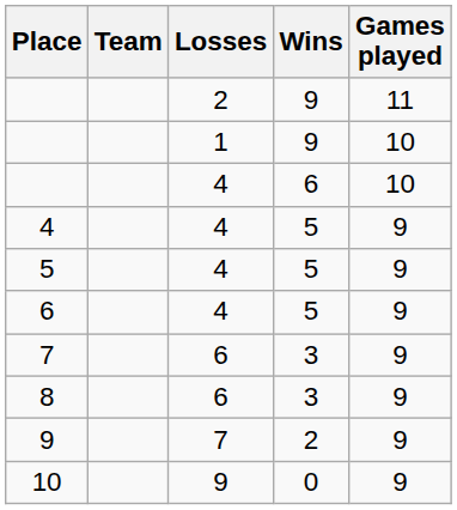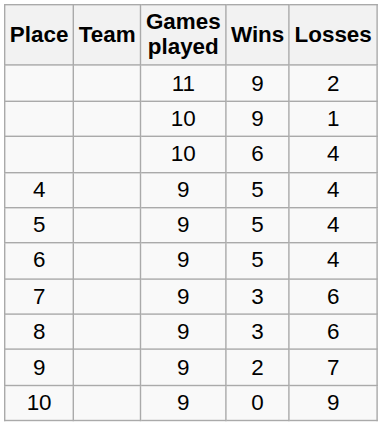 <table class="wikitable" style="text-align:center;">
 <tr>
 <th>Place</th>
 <th>Team</th>
+<th>Games<br>played</th>
+<th>Wins</th>
 <th>Losses</th>
-<th>Wins</th>
-<th>Games<br>played</th>
 </tr>
 <tr>
 <td></td>
 <td align=left></td>
+<td>11</td>
+<td>9</td>
 <td>2</td>
-<td>9</td>
-<td>11</td>
 </tr>
 <tr>
 <td></td>
 <td align=left></td>
+<td>10</td>
+<td>9</td>
 <td>1</td>
-<td>9</td>
-<td>10</td>
 </tr>
 <tr>
 <td></td>
 <td align=left></td>
+<td>10</td>
+<td>6</td>
 <td>4</td>
-<td>6</td>
-<td>10</td>
 </tr>
 <tr>
 <td>4</td>
 <td align=left></td>
+<td>9</td>
+<td>5</td>
 <td>4</td>
-<td>5</td>
-<td>9</td>
 </tr>
 <tr>
 <td>5</td>
 <td align=left></td>
+<td>9</td>
+<td>5</td>
 <td>4</td>
-<td>5</td>
-<td>9</td>
 </tr>
 <tr>
 <td>6</td>
 <td align=left></td>
+<td>9</td>
+<td>5</td>
 <td>4</td>
-<td>5</td>
-<td>9</td>
 </tr>
 <tr>
 <td>7</td>
 <td align=left></td>
+<td>9</td>
+<td>3</td>
 <td>6</td>
-<td>3</td>
-<td>9</td>
 </tr>
 <tr>
 <td>8</td>
 <td align=left></td>
+<td>9</td>
+<td>3</td>
 <td>6</td>
-<td>3</td>
-<td>9</td>
 </tr>
 <tr>
 <td>9</td>
 <td align=left></td>
+<td>9</td>
+<td>2</td>
 <td>7</td>
-<td>2</td>
-<td>9</td>
 </tr>
 <tr>
 <td>10</td>
 <td align=left></td>
 <td>9</td>
 <td>0</td>
 <td>9</td>
 </tr>
 </table>
